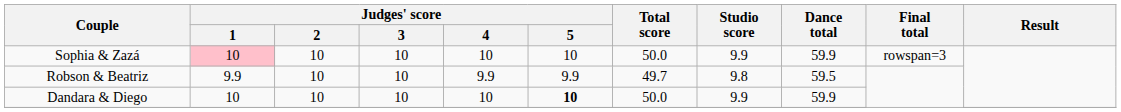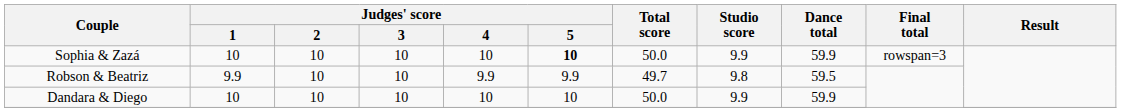 <table class="wikitable" style="font-size:100%; line-height:16px; text-align:center" width="100%">
 <tr>
 <th rowspan=2 width="11.0%">Couple</th>
 <th colspan=5 width="25.0%">Judges' score</th>
 <th rowspan=2 width="05.0%">Total<br>score</th>
 <th rowspan=2 width="05.0%">Studio<br>score</th>
 <th rowspan=2 width="05.0%">Dance<br>total</th>
 <th rowspan=2 width="05.0%">Final<br>total</th>
 <th rowspan=2 width="09.0%">Result</th>
 </tr>
 <tr>
 <th width="05.0%">1</th>
 <th width="05.0%">2</th>
 <th width="05.0%">3</th>
 <th width="05.0%">4</th>
 <th width="05.0%">5</th>
 </tr>
 <tr>
 <td>Sophia & Zazá</td>
-<td style="background: pink;">10</td>
 <td>10</td>
 <td>10</td>
 <td>10</td>
 <td>10</td>
+<td><strong>10</strong></td>
 <td>50.0</td>
 <td>9.9</td>
 <td>59.9</td>
 <td>rowspan=3 </td>
 <td rowspan=3></td>
 </tr>
 <tr>
 <td>Robson & Beatriz</td>
 <td>9.9</td>
 <td>10</td>
 <td>10</td>
 <td>9.9</td>
 <td>9.9</td>
 <td>49.7</td>
 <td>9.8</td>
 <td>59.5</td>
 </tr>
 <tr>
 <td>Dandara & Diego</td>
 <td>10</td>
 <td>10</td>
 <td>10</td>
 <td>10</td>
-<td><strong>10</strong></td>
+<td>10</td>
 <td>50.0</td>
 <td>9.9</td>
 <td>59.9</td>
 </tr>
 <tr>
 </tr>
 </table>
